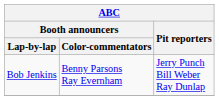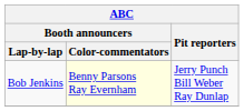 <table class="wikitable" style="font-size: 95%">
 <tr>
 <th colspan=3><a href='#'>ABC</a></th>
 </tr>
 <tr>
 <th colspan=2>Booth announcers</th>
 <th rowspan=2>Pit reporters</th>
 </tr>
 <tr>
 <th><strong>Lap-by-lap</strong></th>
 <th><strong>Color-commentators</strong></th>
 </tr>
 <tr>
 <td><a href='#'>Bob Jenkins</a></td>
-<td><a href='#'>Benny Parsons</a> <br> <a href='#'>Ray Evernham</a></td>
+<td style="background: lightyellow;"><a href='#'>Benny Parsons</a> <br> <a href='#'>Ray Evernham</a></td>
 <td><a href='#'>Jerry Punch</a> <br> <a href='#'>Bill Weber</a> <br> <a href='#'>Ray Dunlap</a></td>
 </tr>
 <tr>
 </tr>
 </table>
